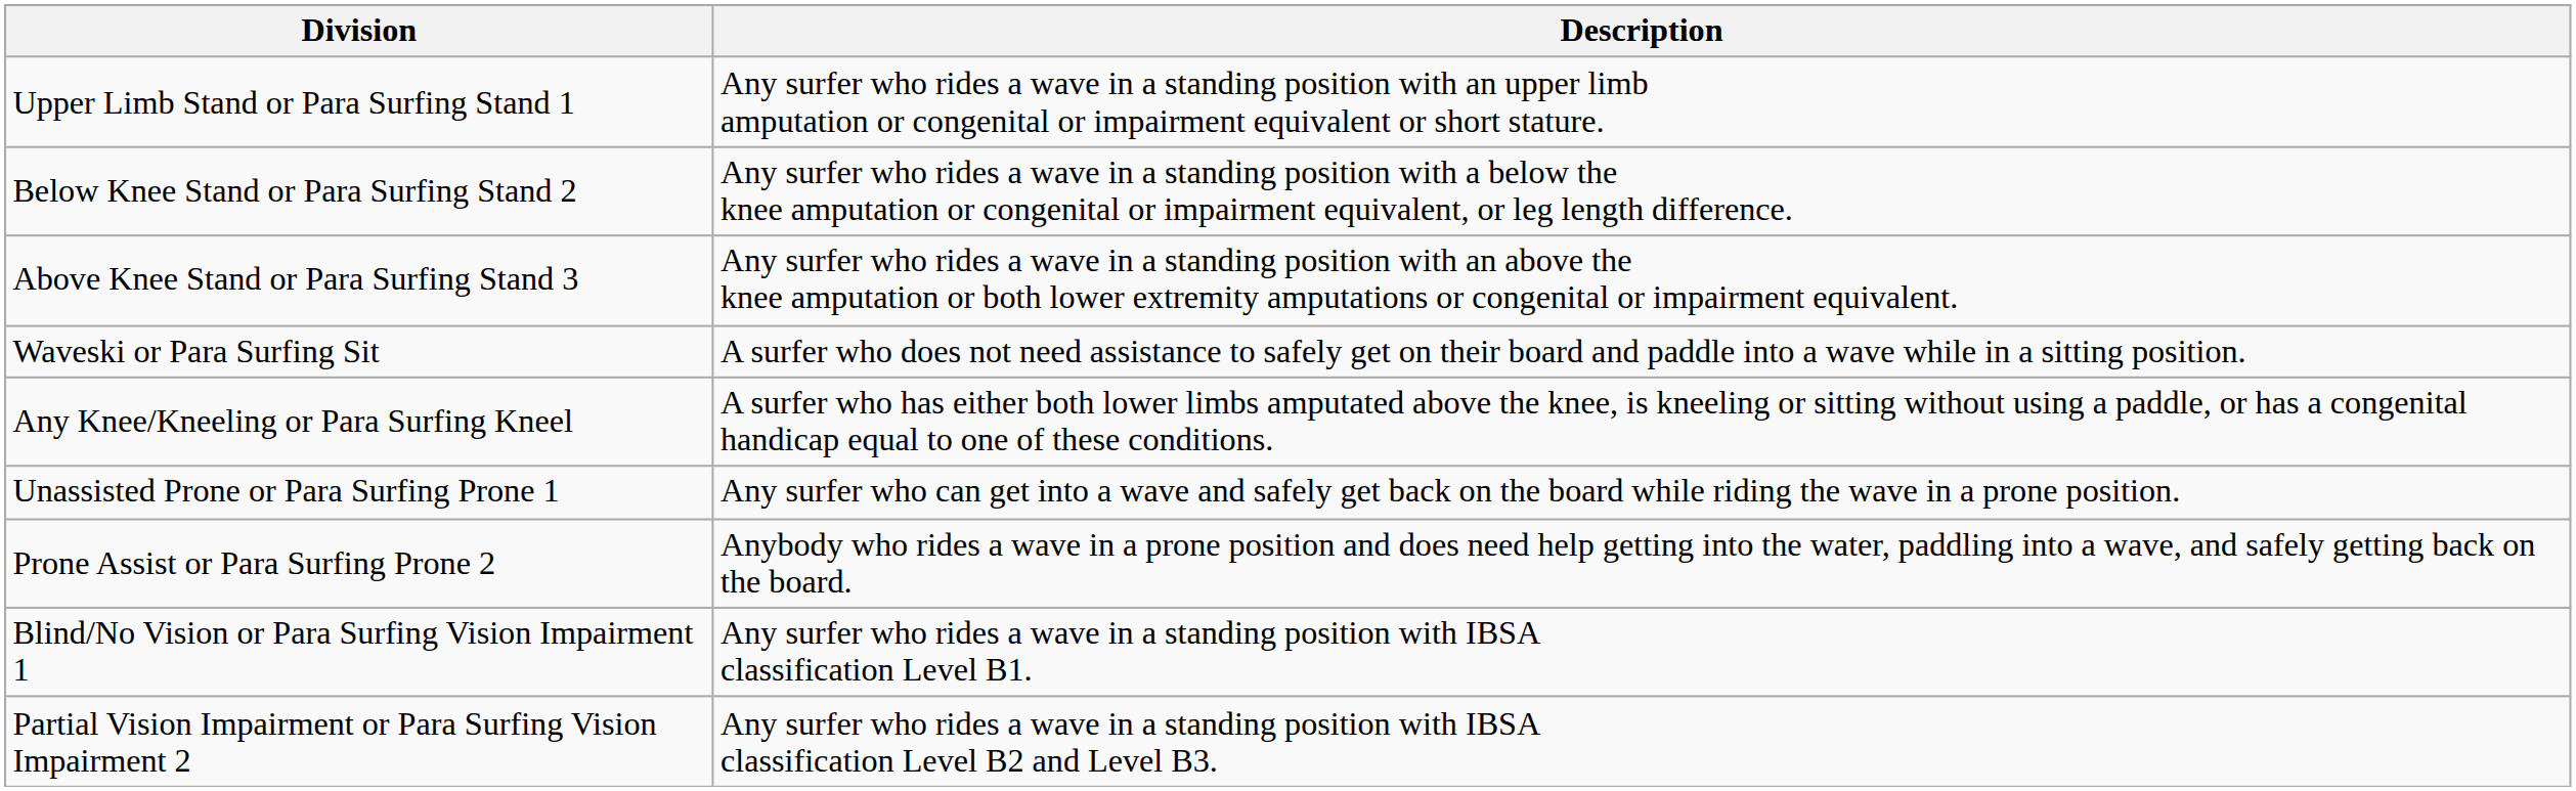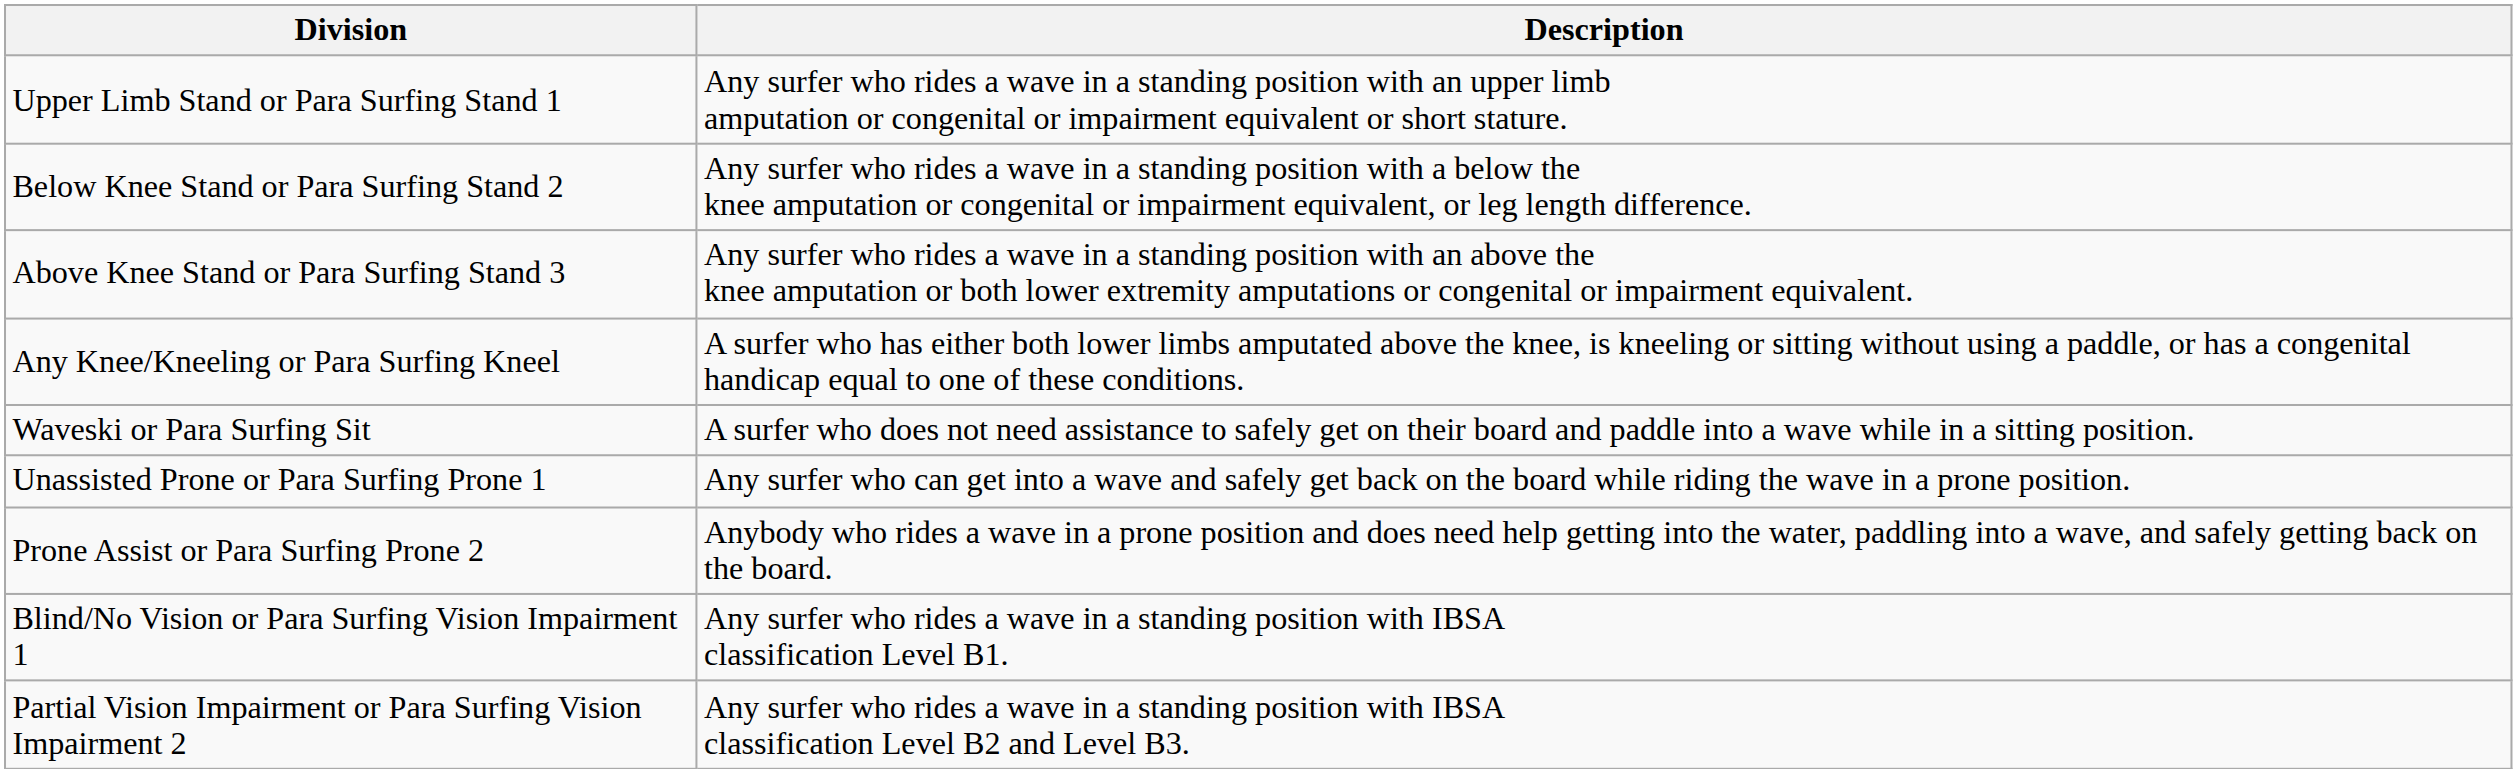 <table class="wikitable">
 <tr>
 <th>Division</th>
 <th>Description</th>
 </tr>
 <tr>
 <td>Upper Limb Stand or Para Surfing Stand 1</td>
 <td>Any surfer who rides a wave in a standing position with an upper limb<br>amputation or congenital or impairment equivalent or short stature.</td>
 </tr>
 <tr>
 <td>Below Knee Stand or Para Surfing Stand 2</td>
 <td>Any surfer who rides a wave in a standing position with a below the<br>knee amputation or congenital or impairment equivalent, or leg length difference.</td>
 </tr>
 <tr>
 <td>Above Knee Stand or Para Surfing Stand 3</td>
 <td>Any surfer who rides a wave in a standing position with an above the<br>knee amputation or both lower extremity amputations or congenital or  impairment equivalent.</td>
 </tr>
 <tr>
+<td>Any Knee/Kneeling or Para Surfing Kneel</td>
+<td>A surfer who has either both lower limbs amputated above the knee, is kneeling or sitting without using a paddle, or has a congenital handicap equal to one of these conditions.</td>
+</tr>
+<tr>
 <td>Waveski or Para Surfing Sit</td>
 <td>A surfer who does not need assistance to safely get on their board and paddle into a wave while in a sitting position.</td>
-</tr>
-<tr>
-<td>Any Knee/Kneeling or Para Surfing Kneel</td>
-<td>A surfer who has either both lower limbs amputated above the knee, is kneeling or sitting without using a paddle, or has a congenital handicap equal to one of these conditions.</td>
 </tr>
 <tr>
 <td>Unassisted Prone or Para Surfing Prone 1</td>
 <td>Any surfer who can get into a wave and safely get back on the board while riding the wave in a prone position.</td>
 </tr>
 <tr>
 <td>Prone Assist or Para Surfing Prone 2</td>
 <td>Anybody who rides a wave in a prone position and does need help getting into the water, paddling into a wave, and safely getting back on the board.</td>
 </tr>
 <tr>
 <td>Blind/No Vision or Para Surfing Vision Impairment 1</td>
 <td>Any surfer who rides a wave in a standing position with IBSA<br>classification Level B1.</td>
 </tr>
 <tr>
 <td>Partial Vision Impairment or Para Surfing Vision Impairment 2</td>
 <td>Any surfer who rides a wave in a standing position with IBSA<br>classification Level B2 and Level B3.</td>
 </tr>
 </table>
